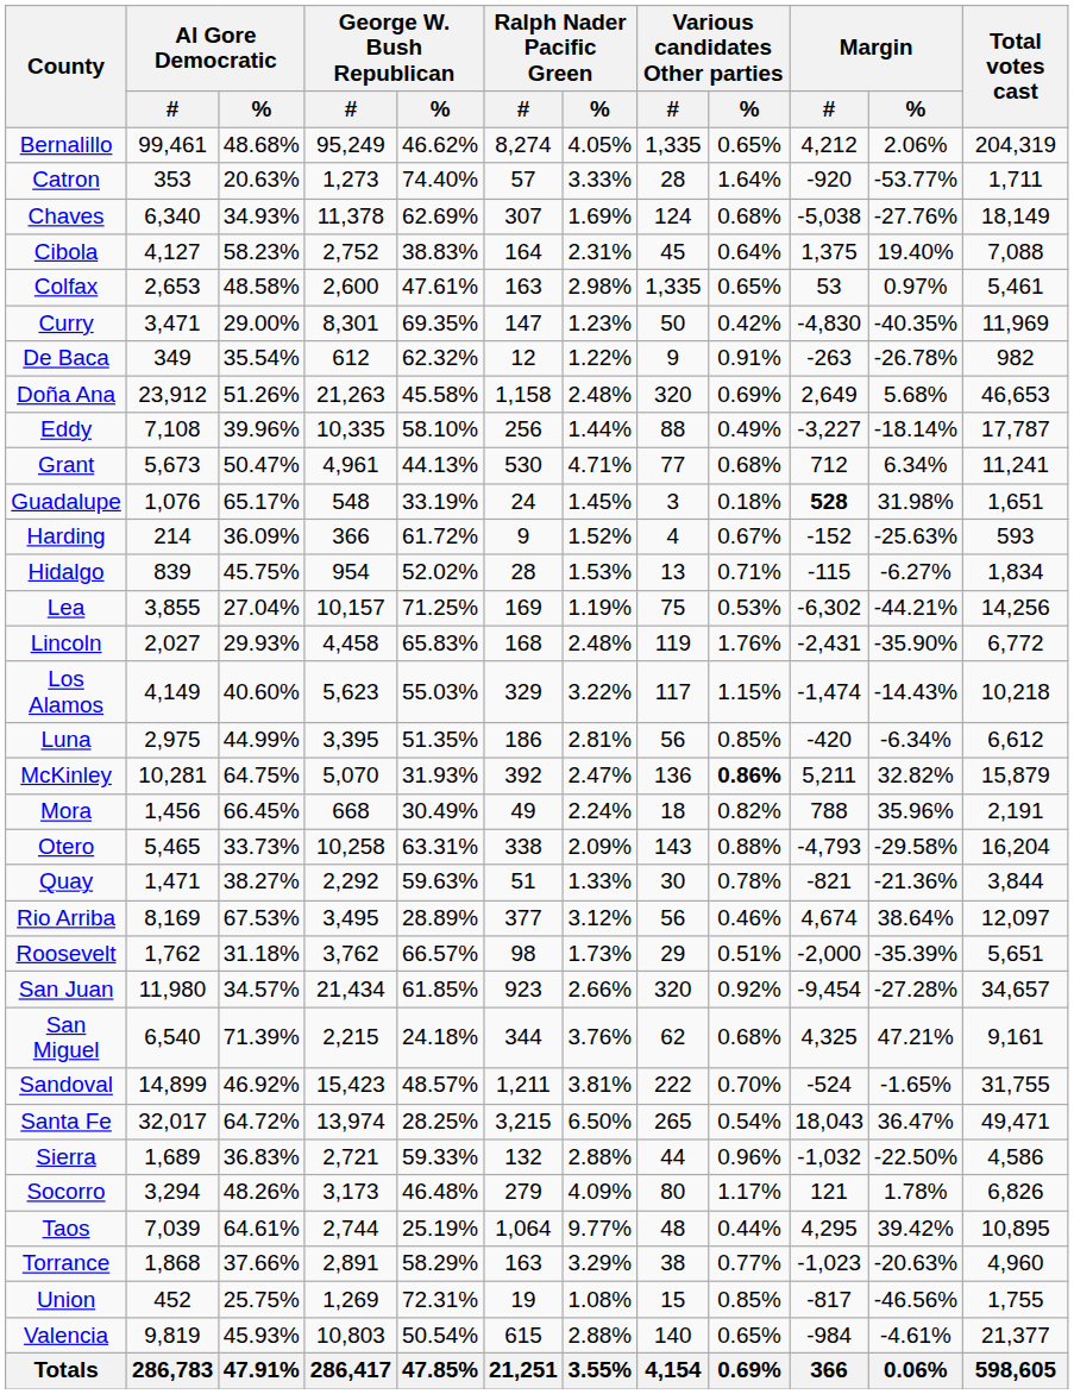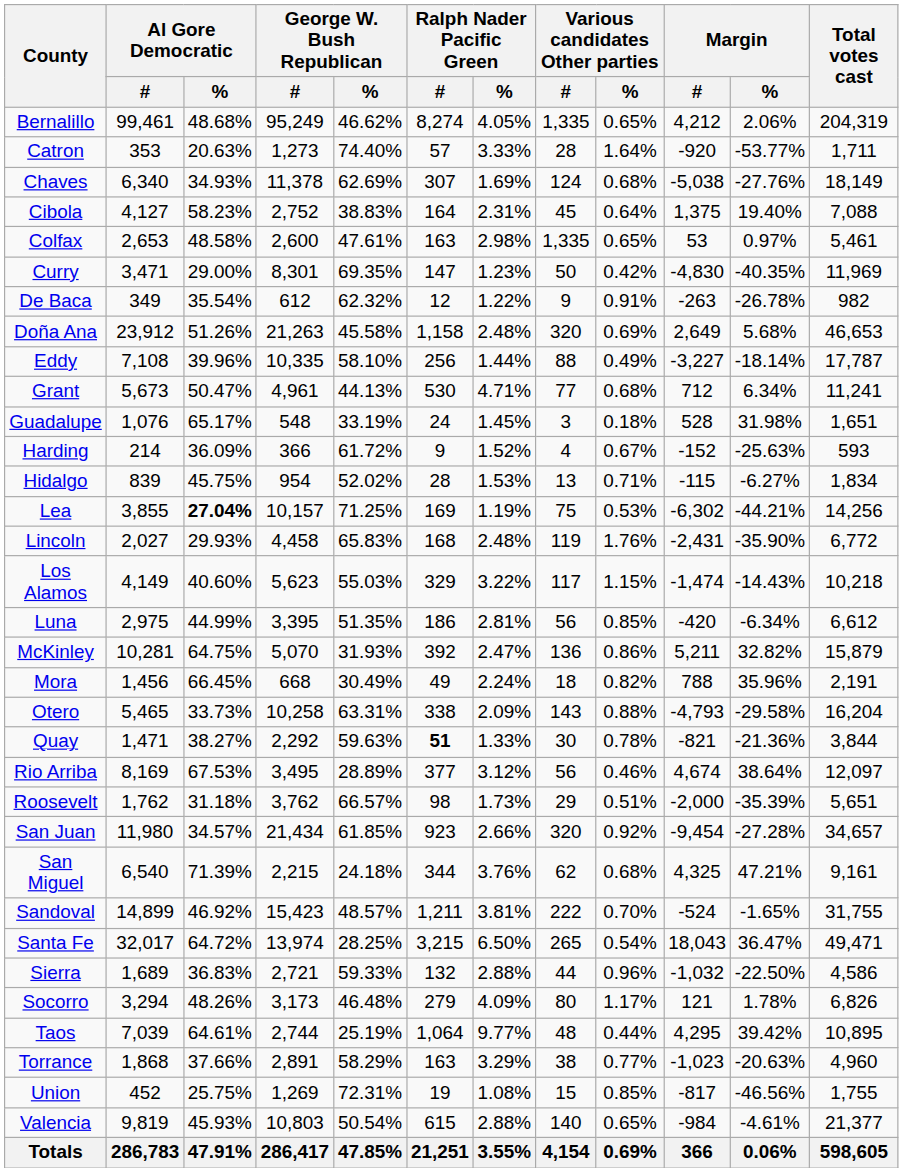 <table width="60%"  class="wikitable sortable" style="text-align:center">
 <tr>
 <th style="text-align:center;" rowspan="2">County</th>
 <th style="text-align:center;" colspan="2">Al Gore<br>Democratic</th>
 <th style="text-align:center;" colspan="2">George W. Bush<br>Republican</th>
 <th style="text-align:center;" colspan="2">Ralph Nader<br>Pacific Green</th>
 <th style="text-align:center;" colspan="2">Various candidates<br>Other parties</th>
 <th style="text-align:center;" colspan="2">Margin</th>
 <th style="text-align:center;" rowspan="2">Total votes cast</th>
 </tr>
 <tr>
 <th style="text-align:center;" data-sort-type="number">#</th>
 <th style="text-align:center;" data-sort-type="number">%</th>
 <th style="text-align:center;" data-sort-type="number">#</th>
 <th style="text-align:center;" data-sort-type="number">%</th>
 <th style="text-align:center;" data-sort-type="number">#</th>
 <th style="text-align:center;" data-sort-type="number">%</th>
 <th style="text-align:center;" data-sort-type="number">#</th>
 <th style="text-align:center;" data-sort-type="number">%</th>
 <th style="text-align:center;" data-sort-type="number">#</th>
 <th style="text-align:center;" data-sort-type="number">%</th>
 </tr>
 <tr style="text-align:center;">
 <td><a href='#'>Bernalillo</a></td>
 <td>99,461</td>
 <td>48.68%</td>
 <td>95,249</td>
 <td>46.62%</td>
 <td>8,274</td>
 <td>4.05%</td>
 <td>1,335</td>
 <td>0.65%</td>
 <td>4,212</td>
 <td>2.06%</td>
 <td>204,319</td>
 </tr>
 <tr style="text-align:center;">
 <td><a href='#'>Catron</a></td>
 <td>353</td>
 <td>20.63%</td>
 <td>1,273</td>
 <td>74.40%</td>
 <td>57</td>
 <td>3.33%</td>
 <td>28</td>
 <td>1.64%</td>
 <td>-920</td>
 <td>-53.77%</td>
 <td>1,711</td>
 </tr>
 <tr style="text-align:center;">
 <td><a href='#'>Chaves</a></td>
 <td>6,340</td>
 <td>34.93%</td>
 <td>11,378</td>
 <td>62.69%</td>
 <td>307</td>
 <td>1.69%</td>
 <td>124</td>
 <td>0.68%</td>
 <td>-5,038</td>
 <td>-27.76%</td>
 <td>18,149</td>
 </tr>
 <tr style="text-align:center;">
 <td><a href='#'>Cibola</a></td>
 <td>4,127</td>
 <td>58.23%</td>
 <td>2,752</td>
 <td>38.83%</td>
 <td>164</td>
 <td>2.31%</td>
 <td>45</td>
 <td>0.64%</td>
 <td>1,375</td>
 <td>19.40%</td>
 <td>7,088</td>
 </tr>
 <tr style="text-align:center;">
 <td><a href='#'>Colfax</a></td>
 <td>2,653</td>
 <td>48.58%</td>
 <td>2,600</td>
 <td>47.61%</td>
 <td>163</td>
 <td>2.98%</td>
 <td>1,335</td>
 <td>0.65%</td>
 <td>53</td>
 <td>0.97%</td>
 <td>5,461</td>
 </tr>
 <tr style="text-align:center;">
 <td><a href='#'>Curry</a></td>
 <td>3,471</td>
 <td>29.00%</td>
 <td>8,301</td>
 <td>69.35%</td>
 <td>147</td>
 <td>1.23%</td>
 <td>50</td>
 <td>0.42%</td>
 <td>-4,830</td>
 <td>-40.35%</td>
 <td>11,969</td>
 </tr>
 <tr style="text-align:center;">
 <td><a href='#'>De Baca</a></td>
 <td>349</td>
 <td>35.54%</td>
 <td>612</td>
 <td>62.32%</td>
 <td>12</td>
 <td>1.22%</td>
 <td>9</td>
 <td>0.91%</td>
 <td>-263</td>
 <td>-26.78%</td>
 <td>982</td>
 </tr>
 <tr style="text-align:center;">
 <td><a href='#'>Doña Ana</a></td>
 <td>23,912</td>
 <td>51.26%</td>
 <td>21,263</td>
 <td>45.58%</td>
 <td>1,158</td>
 <td>2.48%</td>
 <td>320</td>
 <td>0.69%</td>
 <td>2,649</td>
 <td>5.68%</td>
 <td>46,653</td>
 </tr>
 <tr style="text-align:center;">
 <td><a href='#'>Eddy</a></td>
 <td>7,108</td>
 <td>39.96%</td>
 <td>10,335</td>
 <td>58.10%</td>
 <td>256</td>
 <td>1.44%</td>
 <td>88</td>
 <td>0.49%</td>
 <td>-3,227</td>
 <td>-18.14%</td>
 <td>17,787</td>
 </tr>
 <tr style="text-align:center;">
 <td><a href='#'>Grant</a></td>
 <td>5,673</td>
 <td>50.47%</td>
 <td>4,961</td>
 <td>44.13%</td>
 <td>530</td>
 <td>4.71%</td>
 <td>77</td>
 <td>0.68%</td>
 <td>712</td>
 <td>6.34%</td>
 <td>11,241</td>
 </tr>
 <tr style="text-align:center;">
 <td><a href='#'>Guadalupe</a></td>
 <td>1,076</td>
 <td>65.17%</td>
 <td>548</td>
 <td>33.19%</td>
 <td>24</td>
 <td>1.45%</td>
 <td>3</td>
 <td>0.18%</td>
-<td><strong>528</strong></td>
+<td>528</td>
 <td>31.98%</td>
 <td>1,651</td>
 </tr>
 <tr style="text-align:center;">
 <td><a href='#'>Harding</a></td>
 <td>214</td>
 <td>36.09%</td>
 <td>366</td>
 <td>61.72%</td>
 <td>9</td>
 <td>1.52%</td>
 <td>4</td>
 <td>0.67%</td>
 <td>-152</td>
 <td>-25.63%</td>
 <td>593</td>
 </tr>
 <tr style="text-align:center;">
 <td><a href='#'>Hidalgo</a></td>
 <td>839</td>
 <td>45.75%</td>
 <td>954</td>
 <td>52.02%</td>
 <td>28</td>
 <td>1.53%</td>
 <td>13</td>
 <td>0.71%</td>
 <td>-115</td>
 <td>-6.27%</td>
 <td>1,834</td>
 </tr>
 <tr style="text-align:center;">
 <td><a href='#'>Lea</a></td>
 <td>3,855</td>
-<td>27.04%</td>
+<td><strong>27.04%</strong></td>
 <td>10,157</td>
 <td>71.25%</td>
 <td>169</td>
 <td>1.19%</td>
 <td>75</td>
 <td>0.53%</td>
 <td>-6,302</td>
 <td>-44.21%</td>
 <td>14,256</td>
 </tr>
 <tr style="text-align:center;">
 <td><a href='#'>Lincoln</a></td>
 <td>2,027</td>
 <td>29.93%</td>
 <td>4,458</td>
 <td>65.83%</td>
 <td>168</td>
 <td>2.48%</td>
 <td>119</td>
 <td>1.76%</td>
 <td>-2,431</td>
 <td>-35.90%</td>
 <td>6,772</td>
 </tr>
 <tr style="text-align:center;">
 <td><a href='#'>Los Alamos</a></td>
 <td>4,149</td>
 <td>40.60%</td>
 <td>5,623</td>
 <td>55.03%</td>
 <td>329</td>
 <td>3.22%</td>
 <td>117</td>
 <td>1.15%</td>
 <td>-1,474</td>
 <td>-14.43%</td>
 <td>10,218</td>
 </tr>
 <tr style="text-align:center;">
 <td><a href='#'>Luna</a></td>
 <td>2,975</td>
 <td>44.99%</td>
 <td>3,395</td>
 <td>51.35%</td>
 <td>186</td>
 <td>2.81%</td>
 <td>56</td>
 <td>0.85%</td>
 <td>-420</td>
 <td>-6.34%</td>
 <td>6,612</td>
 </tr>
 <tr style="text-align:center;">
 <td><a href='#'>McKinley</a></td>
 <td>10,281</td>
 <td>64.75%</td>
 <td>5,070</td>
 <td>31.93%</td>
 <td>392</td>
 <td>2.47%</td>
 <td>136</td>
-<td><strong>0.86%</strong></td>
+<td>0.86%</td>
 <td>5,211</td>
 <td>32.82%</td>
 <td>15,879</td>
 </tr>
 <tr style="text-align:center;">
 <td><a href='#'>Mora</a></td>
 <td>1,456</td>
 <td>66.45%</td>
 <td>668</td>
 <td>30.49%</td>
 <td>49</td>
 <td>2.24%</td>
 <td>18</td>
 <td>0.82%</td>
 <td>788</td>
 <td>35.96%</td>
 <td>2,191</td>
 </tr>
 <tr style="text-align:center;">
 <td><a href='#'>Otero</a></td>
 <td>5,465</td>
 <td>33.73%</td>
 <td>10,258</td>
 <td>63.31%</td>
 <td>338</td>
 <td>2.09%</td>
 <td>143</td>
 <td>0.88%</td>
 <td>-4,793</td>
 <td>-29.58%</td>
 <td>16,204</td>
 </tr>
 <tr style="text-align:center;">
 <td><a href='#'>Quay</a></td>
 <td>1,471</td>
 <td>38.27%</td>
 <td>2,292</td>
 <td>59.63%</td>
-<td>51</td>
+<td><strong>51</strong></td>
 <td>1.33%</td>
 <td>30</td>
 <td>0.78%</td>
 <td>-821</td>
 <td>-21.36%</td>
 <td>3,844</td>
 </tr>
 <tr style="text-align:center;">
 <td><a href='#'>Rio Arriba</a></td>
 <td>8,169</td>
 <td>67.53%</td>
 <td>3,495</td>
 <td>28.89%</td>
 <td>377</td>
 <td>3.12%</td>
 <td>56</td>
 <td>0.46%</td>
 <td>4,674</td>
 <td>38.64%</td>
 <td>12,097</td>
 </tr>
 <tr style="text-align:center;">
 <td><a href='#'>Roosevelt</a></td>
 <td>1,762</td>
 <td>31.18%</td>
 <td>3,762</td>
 <td>66.57%</td>
 <td>98</td>
 <td>1.73%</td>
 <td>29</td>
 <td>0.51%</td>
 <td>-2,000</td>
 <td>-35.39%</td>
 <td>5,651</td>
 </tr>
 <tr style="text-align:center;">
 <td><a href='#'>San Juan</a></td>
 <td>11,980</td>
 <td>34.57%</td>
 <td>21,434</td>
 <td>61.85%</td>
 <td>923</td>
 <td>2.66%</td>
 <td>320</td>
 <td>0.92%</td>
 <td>-9,454</td>
 <td>-27.28%</td>
 <td>34,657</td>
 </tr>
 <tr style="text-align:center;">
 <td><a href='#'>San Miguel</a></td>
 <td>6,540</td>
 <td>71.39%</td>
 <td>2,215</td>
 <td>24.18%</td>
 <td>344</td>
 <td>3.76%</td>
 <td>62</td>
 <td>0.68%</td>
 <td>4,325</td>
 <td>47.21%</td>
 <td>9,161</td>
 </tr>
 <tr style="text-align:center;">
 <td><a href='#'>Sandoval</a></td>
 <td>14,899</td>
 <td>46.92%</td>
 <td>15,423</td>
 <td>48.57%</td>
 <td>1,211</td>
 <td>3.81%</td>
 <td>222</td>
 <td>0.70%</td>
 <td>-524</td>
 <td>-1.65%</td>
 <td>31,755</td>
 </tr>
 <tr style="text-align:center;">
 <td><a href='#'>Santa Fe</a></td>
 <td>32,017</td>
 <td>64.72%</td>
 <td>13,974</td>
 <td>28.25%</td>
 <td>3,215</td>
 <td>6.50%</td>
 <td>265</td>
 <td>0.54%</td>
 <td>18,043</td>
 <td>36.47%</td>
 <td>49,471</td>
 </tr>
 <tr style="text-align:center;">
 <td><a href='#'>Sierra</a></td>
 <td>1,689</td>
 <td>36.83%</td>
 <td>2,721</td>
 <td>59.33%</td>
 <td>132</td>
 <td>2.88%</td>
 <td>44</td>
 <td>0.96%</td>
 <td>-1,032</td>
 <td>-22.50%</td>
 <td>4,586</td>
 </tr>
 <tr style="text-align:center;">
 <td><a href='#'>Socorro</a></td>
 <td>3,294</td>
 <td>48.26%</td>
 <td>3,173</td>
 <td>46.48%</td>
 <td>279</td>
 <td>4.09%</td>
 <td>80</td>
 <td>1.17%</td>
 <td>121</td>
 <td>1.78%</td>
 <td>6,826</td>
 </tr>
 <tr style="text-align:center;">
 <td><a href='#'>Taos</a></td>
 <td>7,039</td>
 <td>64.61%</td>
 <td>2,744</td>
 <td>25.19%</td>
 <td>1,064</td>
 <td>9.77%</td>
 <td>48</td>
 <td>0.44%</td>
 <td>4,295</td>
 <td>39.42%</td>
 <td>10,895</td>
 </tr>
 <tr style="text-align:center;">
 <td><a href='#'>Torrance</a></td>
 <td>1,868</td>
 <td>37.66%</td>
 <td>2,891</td>
 <td>58.29%</td>
 <td>163</td>
 <td>3.29%</td>
 <td>38</td>
 <td>0.77%</td>
 <td>-1,023</td>
 <td>-20.63%</td>
 <td>4,960</td>
 </tr>
 <tr style="text-align:center;">
 <td><a href='#'>Union</a></td>
 <td>452</td>
 <td>25.75%</td>
 <td>1,269</td>
 <td>72.31%</td>
 <td>19</td>
 <td>1.08%</td>
 <td>15</td>
 <td>0.85%</td>
 <td>-817</td>
 <td>-46.56%</td>
 <td>1,755</td>
 </tr>
 <tr style="text-align:center;">
 <td><a href='#'>Valencia</a></td>
 <td>9,819</td>
 <td>45.93%</td>
 <td>10,803</td>
 <td>50.54%</td>
 <td>615</td>
 <td>2.88%</td>
 <td>140</td>
 <td>0.65%</td>
 <td>-984</td>
 <td>-4.61%</td>
 <td>21,377</td>
 </tr>
 <tr>
 <th>Totals</th>
 <th>286,783</th>
 <th>47.91%</th>
 <th>286,417</th>
 <th>47.85%</th>
 <th>21,251</th>
 <th>3.55%</th>
 <th>4,154</th>
 <th>0.69%</th>
 <th>366</th>
 <th>0.06%</th>
 <th>598,605</th>
 </tr>
 </table>
